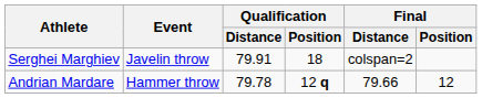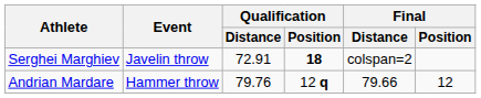 <table class=wikitable style=font-size:90%>
 <tr>
 <th rowspan=2>Athlete</th>
 <th rowspan=2>Event</th>
 <th colspan=2>Qualification</th>
 <th colspan=2>Final</th>
 </tr>
 <tr style=font-size:95%>
 <th>Distance</th>
 <th>Position</th>
 <th>Distance</th>
 <th>Position</th>
 </tr>
 <tr align=center>
 <td align=left><a href='#'>Serghei Marghiev</a></td>
 <td align=left><a href='#'>Javelin throw</a></td>
-<td>79.91</td>
-<td>18</td>
+<td>72.91</td>
+<td><strong>18</strong></td>
 <td>colspan=2 </td>
 </tr>
 <tr align=center>
 <td align=left><a href='#'>Andrian Mardare</a></td>
 <td align=left><a href='#'>Hammer throw</a></td>
-<td>79.78</td>
+<td>79.76</td>
 <td>12 <strong>q</strong></td>
 <td>79.66</td>
 <td>12</td>
 </tr>
 </table>
